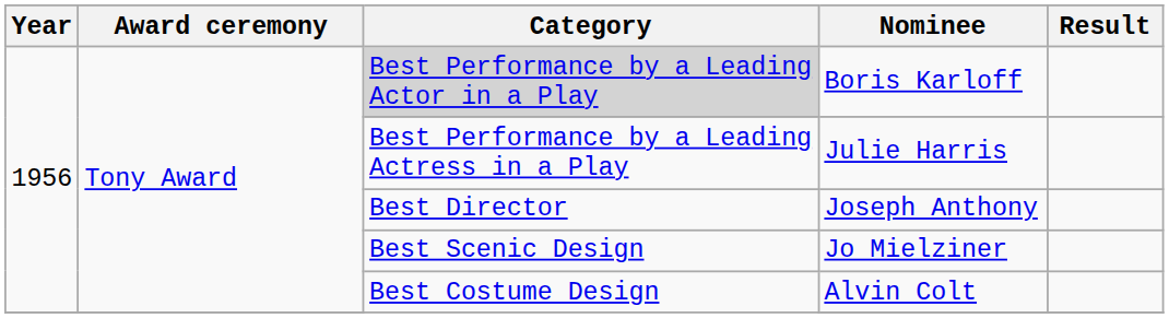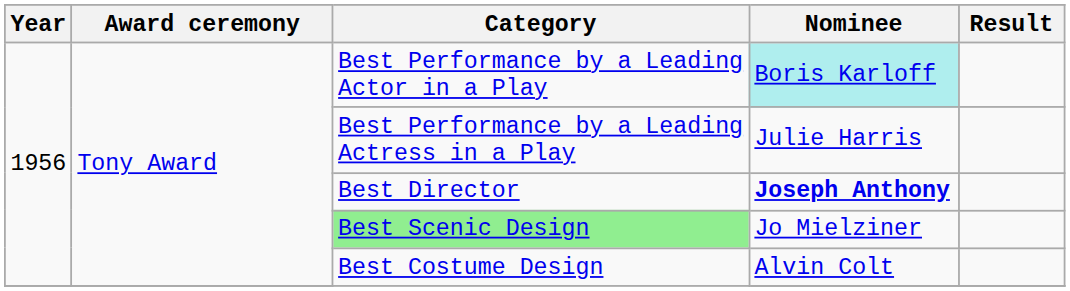 <table class="wikitable" width="95%">
 <tr>
 <th width="5%">Year</th>
 <th width="25%">Award ceremony</th>
 <th width="40%">Category</th>
 <th width="20%">Nominee</th>
 <th width="10%">Result</th>
 </tr>
 <tr>
 <td rowspan="5" align="center">1956</td>
 <td rowspan="5"><a href='#'>Tony Award</a></td>
-<td style="background: lightgrey;"><a href='#'>Best Performance by a Leading Actor in a Play</a></td>
-<td><a href='#'>Boris Karloff</a></td>
+<td><a href='#'>Best Performance by a Leading Actor in a Play</a></td>
+<td style="background: paleturquoise;"><a href='#'>Boris Karloff</a></td>
 <td></td>
 </tr>
 <tr>
 <td><a href='#'>Best Performance by a Leading Actress in a Play</a></td>
 <td><a href='#'>Julie Harris</a></td>
 <td></td>
 </tr>
 <tr>
 <td><a href='#'>Best Director</a></td>
-<td><a href='#'>Joseph Anthony</a></td>
+<td><strong><a href='#'>Joseph Anthony</a></strong></td>
 <td></td>
 </tr>
 <tr>
-<td><a href='#'>Best Scenic Design</a></td>
+<td style="background: lightgreen;"><a href='#'>Best Scenic Design</a></td>
 <td><a href='#'>Jo Mielziner</a></td>
 <td></td>
 </tr>
 <tr>
 <td rowspan="2"><a href='#'>Best Costume Design</a></td>
 <td><a href='#'>Alvin Colt</a></td>
 <td></td>
 </tr>
 <tr>
 </tr>
 </table>
